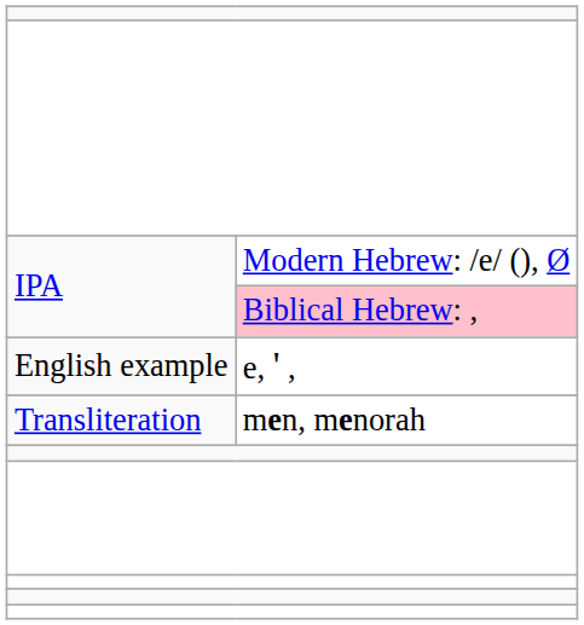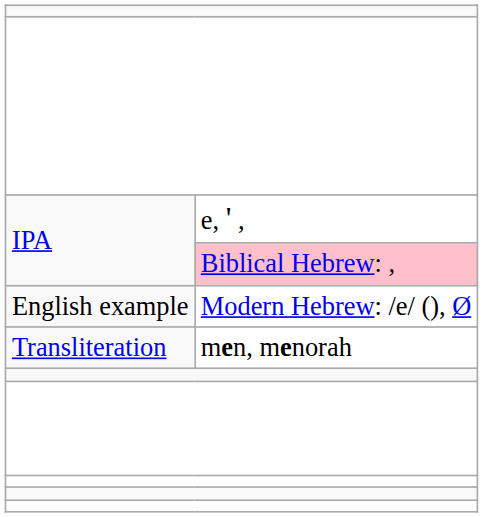 <table align="right" class="wikitable">
 <tr>
 <td colspan="2"></td>
 </tr>
 <tr>
 <td colspan="2" align="center" style="background:white;height:100px"><span></span></td>
 </tr>
 <tr>
 <td rowspan=2><a href='#'>IPA</a></td>
-<td style="background:white"><a href='#'>Modern Hebrew</a>: /e/ (), <a href='#'>Ø</a></td>
+<td style="background:white">e, <big>'</big> , </td>
 </tr>
 <tr>
 <td style="background: pink;"><a href='#'>Biblical Hebrew</a>: , </td>
 </tr>
 <tr>
 <td>English example</td>
-<td style="background:white">e, <big>'</big> , </td>
+<td style="background:white"><a href='#'>Modern Hebrew</a>: /e/ (), <a href='#'>Ø</a></td>
 </tr>
 <tr>
 <td><a href='#'>Transliteration</a></td>
 <td style="background:white">m<strong>e</strong>n, m<strong>e</strong>norah</td>
 </tr>
 <tr>
 <td colspan="2"></td>
 </tr>
 <tr>
 <td colspan="2" align="center" style="background:white;height:50px"></td>
 </tr>
 <tr>
 <td colspan="2" style="width:250px;background:white"></td>
 </tr>
 <tr>
 <td colspan="2"></td>
 </tr>
 <tr>
 <td colspan="2" style="width:250px;background:white"></td>
 </tr>
 </table>
